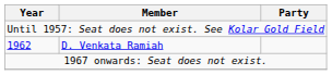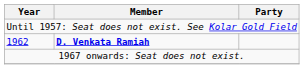 <table class="wikitable sortable">
 <tr>
 <th>Year</th>
 <th>Member</th>
 <th colspan="2">Party</th>
 </tr>
 <tr>
 <td colspan=4 align=center>Until 1957: <em>Seat does not exist. See <a href='#'>Kolar Gold Field</a></em></td>
 </tr>
 <tr>
 <td><a href='#'>1962</a></td>
-<td><a href='#'>D. Venkata Ramiah</a></td>
+<td><strong><a href='#'>D. Venkata Ramiah</a></strong></td>
 <td></td>
 </tr>
 <tr>
 <td colspan=4 align=center>1967 onwards: <em>Seat does not exist.</em></td>
 </tr>
 <tr>
 </tr>
 </table>
